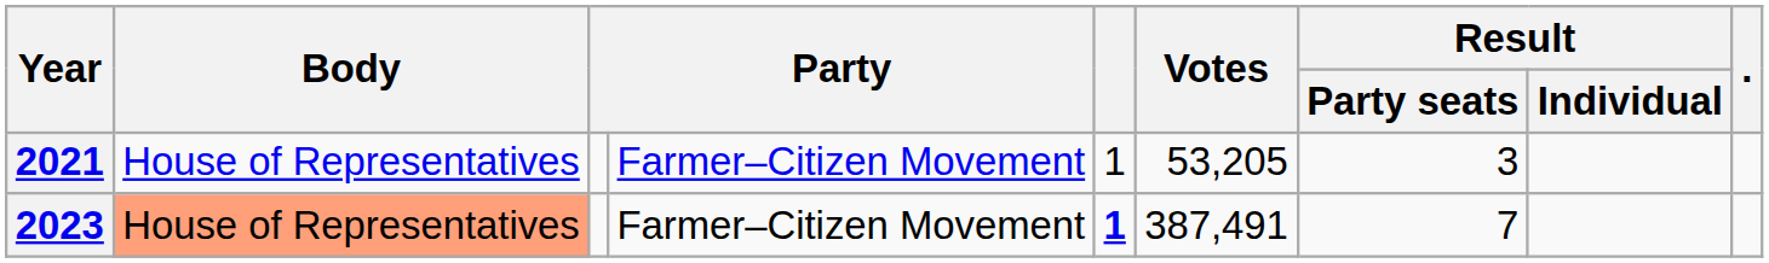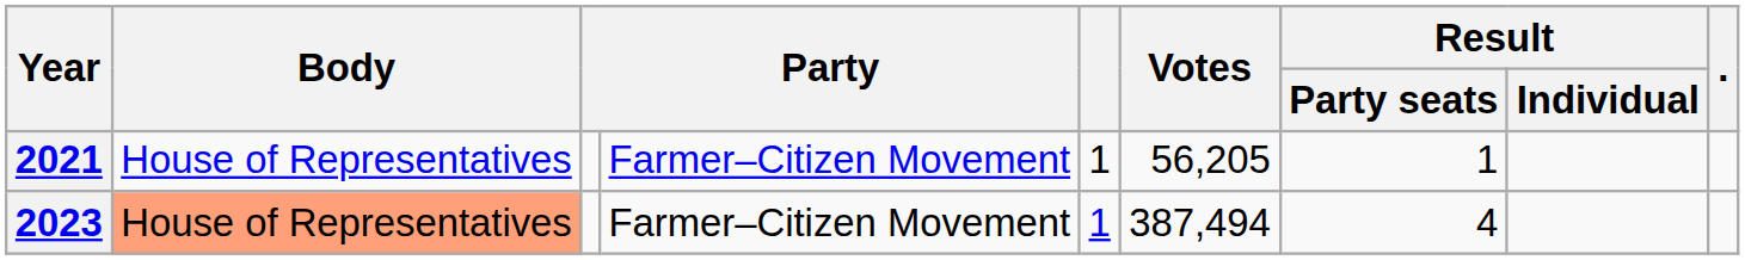 <table class="wikitable plainrowheaders sortable" border=2 cellpadding=4 cellspacing=0 style="border: 1px #aaa solid; font-size: 90%; text-align:center;">
 <tr>
 <th scope="col" rowspan=2>Year</th>
 <th scope="col" rowspan=2>Body</th>
 <th scope="col" colspan=2 rowspan=2>Party</th>
 <th scope="col" rowspan=2></th>
 <th scope="col" rowspan=2>Votes</th>
 <th scope="colgroup" colspan=2>Result</th>
 <th scope="col" rowspan=2 class="unsortable">.</th>
 </tr>
 <tr>
 <th scope="col">Party seats</th>
 <th scope="col">Individual</th>
 </tr>
 <tr>
 <th scope="row"><a href='#'>2021</a></th>
 <td><a href='#'>House of Representatives</a></td>
 <td style="background-color:"></td>
 <td><a href='#'>Farmer–Citizen Movement</a></td>
 <td style=text-align:right>1</td>
-<td style=text-align:right>53,205</td>
-<td style=text-align:right>3</td>
+<td style=text-align:right>56,205</td>
+<td style=text-align:right>1</td>
 <td></td>
 <td></td>
 </tr>
 <tr>
 <th scope="row"><a href='#'>2023</a></th>
 <td style="background: lightsalmon;">House of Representatives</td>
 <td style="background-color:"></td>
 <td>Farmer–Citizen Movement</td>
-<td style=text-align:right><strong><a href='#'>1</a></strong></td>
-<td style=text-align:right>387,491</td>
-<td style=text-align:right>7</td>
+<td style=text-align:right><a href='#'>1</a></td>
+<td style=text-align:right>387,494</td>
+<td style=text-align:right>4</td>
 <td></td>
 <td></td>
 </tr>
 </table>
